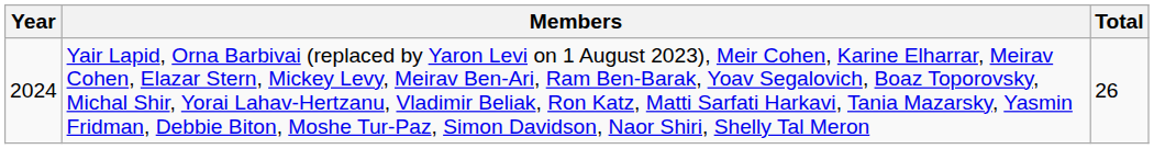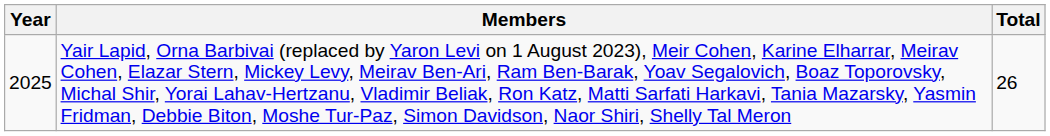 <table class="wikitable">
 <tr>
 <th>Year</th>
 <th>Members</th>
 <th>Total</th>
 </tr>
 <tr>
-<td>2024</td>
+<td>2025</td>
 <td><a href='#'>Yair Lapid</a>, <a href='#'>Orna Barbivai</a> (replaced by <a href='#'>Yaron Levi</a> on 1 August 2023), <a href='#'>Meir Cohen</a>, <a href='#'>Karine Elharrar</a>, <a href='#'>Meirav Cohen</a>, <a href='#'>Elazar Stern</a>, <a href='#'>Mickey Levy</a>, <a href='#'>Meirav Ben-Ari</a>, <a href='#'>Ram Ben-Barak</a>, <a href='#'>Yoav Segalovich</a>, <a href='#'>Boaz Toporovsky</a>, <a href='#'>Michal Shir</a>, <a href='#'>Yorai Lahav-Hertzanu</a>, <a href='#'>Vladimir Beliak</a>, <a href='#'>Ron Katz</a>, <a href='#'>Matti Sarfati Harkavi</a>, <a href='#'>Tania Mazarsky</a>, <a href='#'>Yasmin Fridman</a>, <a href='#'>Debbie Biton</a>, <a href='#'>Moshe Tur-Paz</a>, <a href='#'>Simon Davidson</a>, <a href='#'>Naor Shiri</a>, <a href='#'>Shelly Tal Meron</a></td>
 <td>26</td>
 </tr>
 </table>
